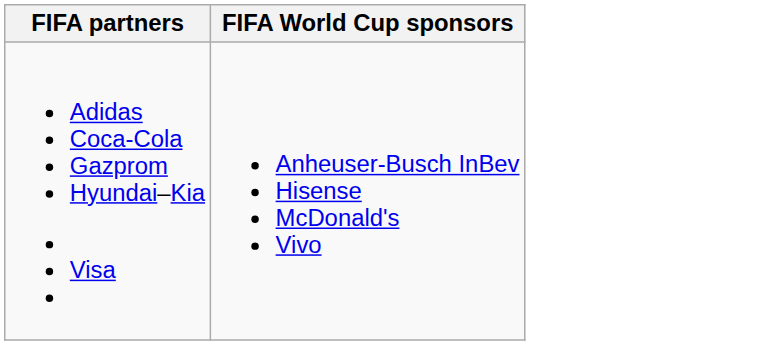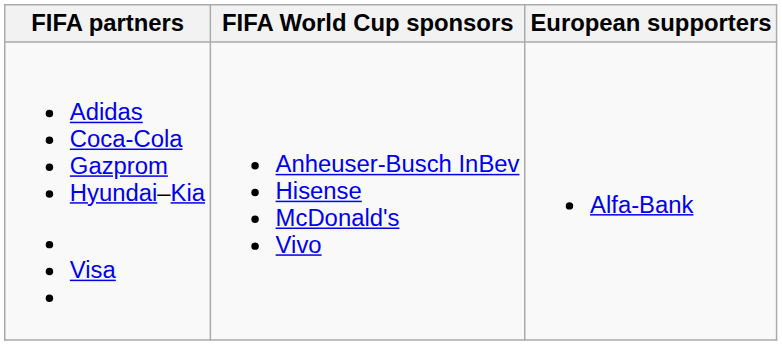 <table class="wikitable">
 <tr>
 <th>FIFA partners</th>
 <th>FIFA World Cup sponsors</th>
+<th>European supporters</th>
 </tr>
 <tr>
 <td><br> <ul><li><a href='#'>Adidas</a></li><li><a href='#'>Coca-Cola</a></li><li><a href='#'>Gazprom</a></li><li><a href='#'>Hyundai</a>–<a href='#'>Kia</a></li></ul><ul><li></li><li><a href='#'>Visa</a></li><li></li></ul></td>
 <td><br><ul><li><a href='#'>Anheuser-Busch InBev</a></li><li><a href='#'>Hisense</a></li><li><a href='#'>McDonald's</a></li><li><a href='#'>Vivo</a></li></ul></td>
+<td><br><ul><li><a href='#'>Alfa-Bank</a></li></ul></td>
 </tr>
 </table>
